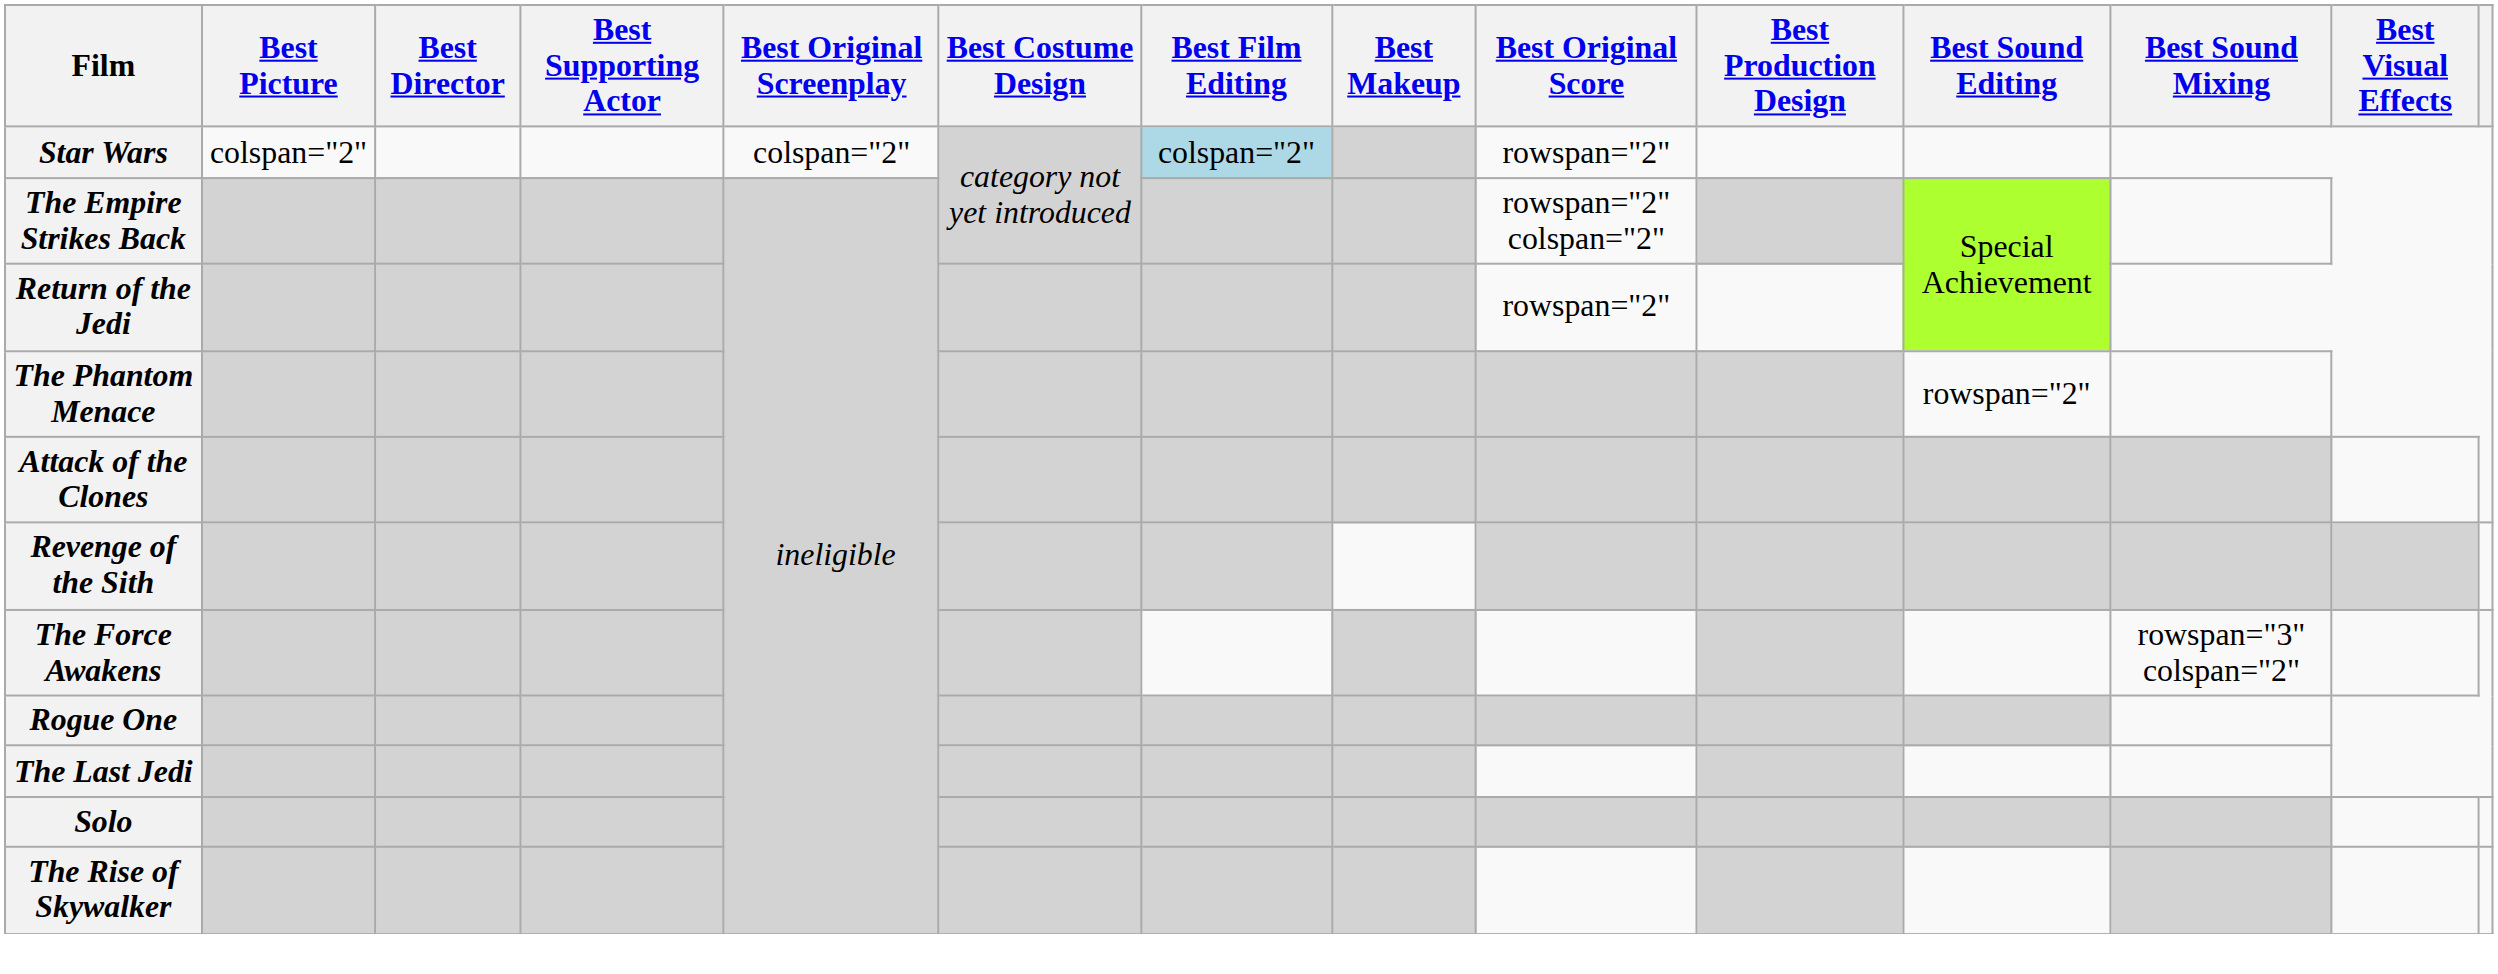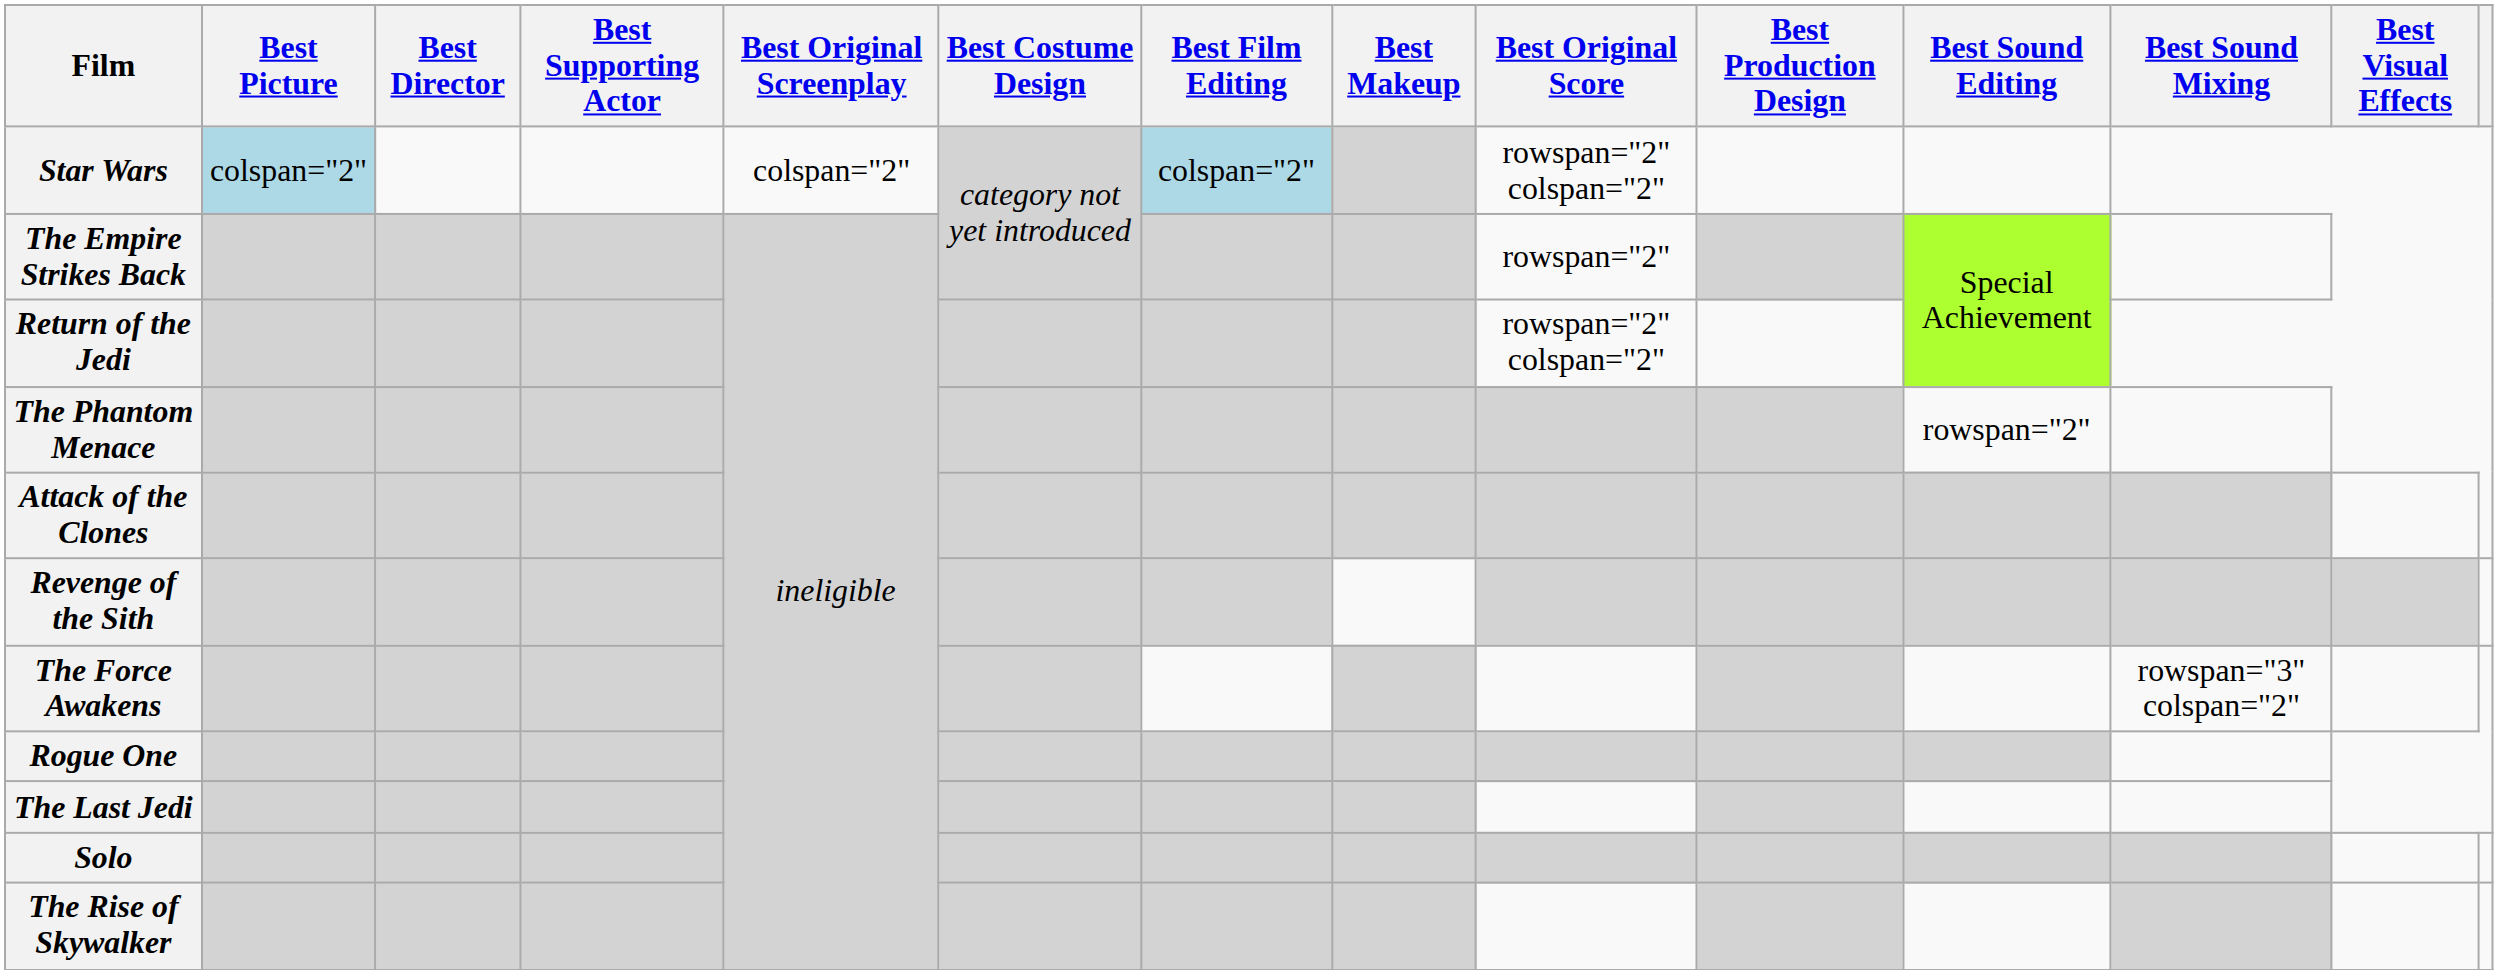 <table class="wikitable" style="text-align:center;" width=99%;>
 <tr>
 <th align="center">Film</th>
 <th align="center"><a href='#'>Best Picture</a></th>
 <th align="center"><a href='#'>Best Director</a></th>
 <th align="center"><a href='#'>Best Supporting Actor</a></th>
 <th align="center"><a href='#'>Best Original Screenplay</a></th>
 <th align="center"><a href='#'>Best Costume Design</a></th>
 <th align="center"><a href='#'>Best Film Editing</a></th>
 <th align="center"><a href='#'>Best Makeup</a></th>
 <th align="center"><a href='#'>Best Original Score</a></th>
 <th align="center"><a href='#'>Best Production Design</a></th>
 <th align="center"><a href='#'>Best Sound Editing</a></th>
 <th align="center"><a href='#'>Best Sound Mixing</a></th>
 <th align="center"><a href='#'>Best Visual Effects</a></th>
 <th scope="col" class="unsortable"></th>
 </tr>
 <tr>
 <th scope="row"><em>Star Wars</em></th>
-<td>colspan="2" </td>
+<td style="background: lightblue;">colspan="2" </td>
 <td></td>
 <td></td>
 <td>colspan="2" </td>
 <td rowspan="2" style="background-color:lightgrey;"><em>category not yet introduced</em></td>
 <td style="background: lightblue;">colspan="2" </td>
 <td style="background-color:lightgrey;"> </td>
-<td>rowspan="2" </td>
+<td>rowspan="2" colspan="2" </td>
 <td></td>
 <td style="text-align:center"></td>
 </tr>
 <tr>
 <th scope="row"><em>The Empire Strikes Back</em></th>
 <td style="background-color:lightgrey;"> </td>
 <td style="background-color:lightgrey;"> </td>
 <td style="background-color:lightgrey;"> </td>
 <td rowspan="10" style="background-color:lightgrey;"> <em>ineligible</em></td>
 <td style="background-color:lightgrey;"> </td>
 <td style="background-color:lightgrey;"> </td>
-<td>rowspan="2" colspan="2" </td>
+<td>rowspan="2" </td>
 <td style="background-color:lightgrey;"> </td>
 <td rowspan="2" style="background-color:greenyellow;">Special Achievement</td>
 <td style="text-align:center"></td>
 </tr>
 <tr>
 <th scope="row"><em>Return of the Jedi</em></th>
 <td style="background-color:lightgrey;"> </td>
 <td style="background-color:lightgrey;"> </td>
 <td style="background-color:lightgrey;"> </td>
 <td style="background-color:lightgrey;"> </td>
 <td style="background-color:lightgrey;"> </td>
 <td style="background-color:lightgrey;"> </td>
-<td>rowspan="2" </td>
+<td>rowspan="2" colspan="2" </td>
 <td style="text-align:center"></td>
 </tr>
 <tr>
 <th scope="row"><em>The Phantom Menace</em></th>
 <td style="background-color:lightgrey;"> </td>
 <td style="background-color:lightgrey;"> </td>
 <td style="background-color:lightgrey;"> </td>
 <td style="background-color:lightgrey;"> </td>
 <td style="background-color:lightgrey;"> </td>
 <td style="background-color:lightgrey;"> </td>
 <td style="background-color:lightgrey;"> </td>
 <td style="background-color:lightgrey;"> </td>
 <td>rowspan="2" </td>
 <td style="text-align:center"></td>
 </tr>
 <tr>
 <th scope="row"><em>Attack of the Clones</em></th>
 <td style="background-color:lightgrey;"> </td>
 <td style="background-color:lightgrey;"> </td>
 <td style="background-color:lightgrey;"> </td>
 <td style="background-color:lightgrey;"> </td>
 <td style="background-color:lightgrey;"> </td>
 <td style="background-color:lightgrey;"> </td>
 <td style="background-color:lightgrey;"> </td>
 <td style="background-color:lightgrey;"> </td>
 <td style="background-color:lightgrey;"> </td>
 <td style="background-color:lightgrey;"> </td>
 <td style="text-align:center"></td>
 </tr>
 <tr>
 <th scope="row"><em>Revenge of the Sith</em></th>
 <td style="background-color:lightgrey;"> </td>
 <td style="background-color:lightgrey;"> </td>
 <td style="background-color:lightgrey;"> </td>
 <td style="background-color:lightgrey;"> </td>
 <td style="background-color:lightgrey;"> </td>
 <td></td>
 <td style="background-color:lightgrey;"> </td>
 <td style="background-color:lightgrey;"> </td>
 <td style="background-color:lightgrey;"> </td>
 <td style="background-color:lightgrey;"> </td>
 <td style="background-color:lightgrey;"> </td>
 <td style="text-align:center"></td>
 </tr>
 <tr>
 <th scope="row"><em>The Force Awakens</em></th>
 <td style="background-color:lightgrey;"> </td>
 <td style="background-color:lightgrey;"> </td>
 <td style="background-color:lightgrey;"> </td>
 <td style="background-color:lightgrey;"> </td>
 <td></td>
 <td style="background-color:lightgrey;"> </td>
 <td></td>
 <td style="background-color:lightgrey;"> </td>
 <td></td>
 <td>rowspan="3" colspan="2" </td>
 <td style="text-align:center"></td>
 </tr>
 <tr>
 <th scope="row"><em>Rogue One</em></th>
 <td style="background-color:lightgrey;"> </td>
 <td style="background-color:lightgrey;"> </td>
 <td style="background-color:lightgrey;"> </td>
 <td style="background-color:lightgrey;"> </td>
 <td style="background-color:lightgrey;"> </td>
 <td style="background-color:lightgrey;"> </td>
 <td style="background-color:lightgrey;"> </td>
 <td style="background-color:lightgrey;"> </td>
 <td style="background-color:lightgrey;"> </td>
 <td style="text-align:center"></td>
 </tr>
 <tr>
 <th scope="row"><em>The Last Jedi</em></th>
 <td style="background-color:lightgrey;"> </td>
 <td style="background-color:lightgrey;"> </td>
 <td style="background-color:lightgrey;"> </td>
 <td style="background-color:lightgrey;"> </td>
 <td style="background-color:lightgrey;"> </td>
 <td style="background-color:lightgrey;"> </td>
 <td></td>
 <td style="background-color:lightgrey;"> </td>
 <td></td>
 <td style="text-align:center"></td>
 </tr>
 <tr>
 <th scope="row"><em>Solo</em></th>
 <td style="background-color:lightgrey;"> </td>
 <td style="background-color:lightgrey;"> </td>
 <td style="background-color:lightgrey;"> </td>
 <td style="background-color:lightgrey;"> </td>
 <td style="background-color:lightgrey;"> </td>
 <td style="background-color:lightgrey;"> </td>
 <td style="background-color:lightgrey;"> </td>
 <td style="background-color:lightgrey;"> </td>
 <td style="background-color:lightgrey;"> </td>
 <td style="background-color:lightgrey;"> </td>
 <td></td>
 <td style="text-align:center"></td>
 </tr>
 <tr>
 <th><em>The Rise of Skywalker</em></th>
 <td style="background-color:lightgrey;"> </td>
 <td style="background-color:lightgrey;"> </td>
 <td style="background-color:lightgrey;"> </td>
 <td style="background-color:lightgrey;"> </td>
 <td style="background-color:lightgrey;"> </td>
 <td style="background-color:lightgrey;"> </td>
 <td></td>
 <td style="background-color:lightgrey;"> </td>
 <td></td>
 <td style="background-color:lightgrey;"> </td>
 <td></td>
 <td></td>
 </tr>
 <tr>
 </tr>
 </table>
